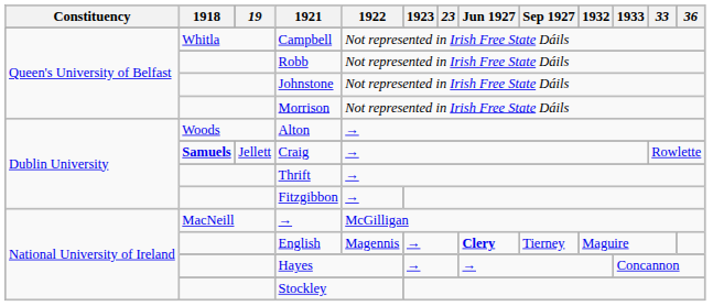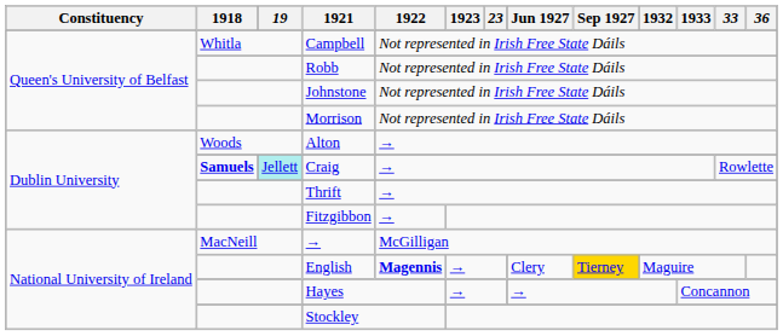 <table class="wikitable" style="border-collapse: separate; border-spacing: 0;">
 <tr>
 <th>Constituency</th>
 <th>1918</th>
 <th><em>19</em></th>
 <th>1921</th>
 <th>1922</th>
 <th>1923</th>
 <th><em>23</em></th>
 <th>Jun 1927</th>
 <th>Sep 1927</th>
 <th>1932</th>
 <th>1933</th>
 <th><em>33</em></th>
 <th><em>36</em></th>
 </tr>
 <tr>
 <td rowspan="4"><a href='#'>Queen's University of Belfast</a> </td>
 <td colspan="2"><a href='#'>Whitla</a></td>
 <td colspan="1"><a href='#'>Campbell</a></td>
 <td colspan="9"><em>Not represented in <a href='#'>Irish Free State</a> Dáils</em></td>
 </tr>
 <tr>
 <td colspan="2"></td>
 <td colspan="1"><a href='#'>Robb</a></td>
 <td colspan="9"><em>Not represented in <a href='#'>Irish Free State</a> Dáils</em></td>
 </tr>
 <tr>
 <td colspan="2"></td>
 <td colspan="1"><a href='#'>Johnstone</a></td>
 <td colspan="9"><em>Not represented in <a href='#'>Irish Free State</a> Dáils</em></td>
 </tr>
 <tr>
 <td colspan="2"></td>
 <td colspan="1"><a href='#'>Morrison</a></td>
 <td colspan="9"><em>Not represented in <a href='#'>Irish Free State</a> Dáils</em></td>
 </tr>
 <tr>
 <td rowspan="4"><a href='#'>Dublin University</a></td>
 <td colspan="2"><a href='#'>Woods</a></td>
 <td colspan="1"><a href='#'>Alton</a></td>
 <td colspan="9"><a href='#'>→</a></td>
 </tr>
 <tr>
 <td><strong><a href='#'>Samuels</a></strong></td>
-<td><a href='#'>Jellett</a></td>
+<td style="background: paleturquoise;"><a href='#'>Jellett</a></td>
 <td colspan="1"><a href='#'>Craig</a></td>
 <td colspan="7"><a href='#'>→</a></td>
 <td colspan="2"><a href='#'>Rowlette</a></td>
 </tr>
 <tr>
 <td colspan="2"></td>
 <td colspan="1"><a href='#'>Thrift</a></td>
 <td colspan="9"><a href='#'>→</a></td>
 </tr>
 <tr>
 <td colspan="2"></td>
 <td colspan="1"><a href='#'>Fitzgibbon</a></td>
 <td colspan="1"><a href='#'>→</a></td>
 <td colspan="8"></td>
 </tr>
 <tr>
 <td rowspan="4"><a href='#'>National University of Ireland</a></td>
 <td colspan="2"><a href='#'>MacNeill</a></td>
 <td colspan="1"><a href='#'>→</a></td>
 <td colspan="9"><a href='#'>McGilligan</a></td>
 </tr>
 <tr>
 <td colspan="2"></td>
 <td colspan="1"><a href='#'>English</a></td>
-<td colspan="1"><a href='#'>Magennis</a></td>
+<td colspan="1"><strong><a href='#'>Magennis</a></strong></td>
 <td colspan="2"><a href='#'>→</a></td>
-<td colspan="1"><strong><a href='#'>Clery</a></strong></td>
-<td colspan="1"><a href='#'>Tierney</a></td>
+<td colspan="1"><a href='#'>Clery</a></td>
+<td colspan="1" style="background: gold;"><a href='#'>Tierney</a></td>
 <td colspan="3"><a href='#'>Maguire</a></td>
 <td colspan="1"></td>
 </tr>
 <tr>
 <td colspan="2"></td>
 <td colspan="2"><a href='#'>Hayes</a></td>
 <td colspan="2"><a href='#'>→</a></td>
 <td colspan="3"><a href='#'>→</a></td>
 <td colspan="3"><a href='#'>Concannon</a></td>
 </tr>
 <tr>
 <td colspan="2"></td>
 <td colspan="2"><a href='#'>Stockley</a></td>
 <td colspan="8"></td>
 </tr>
 </table>
